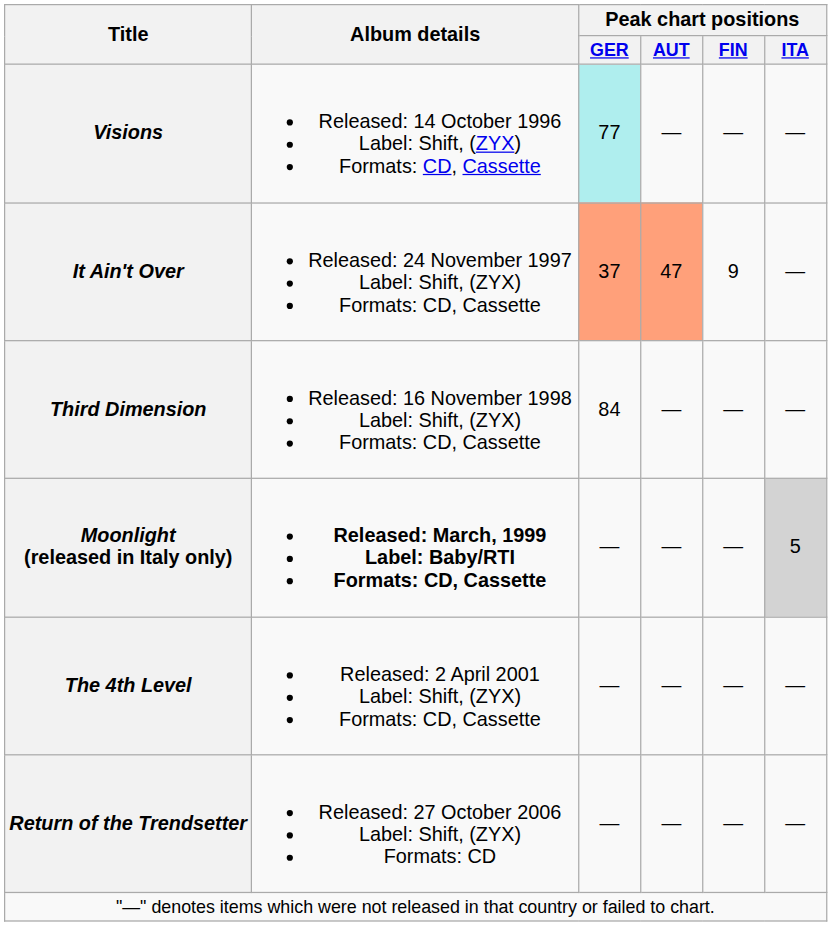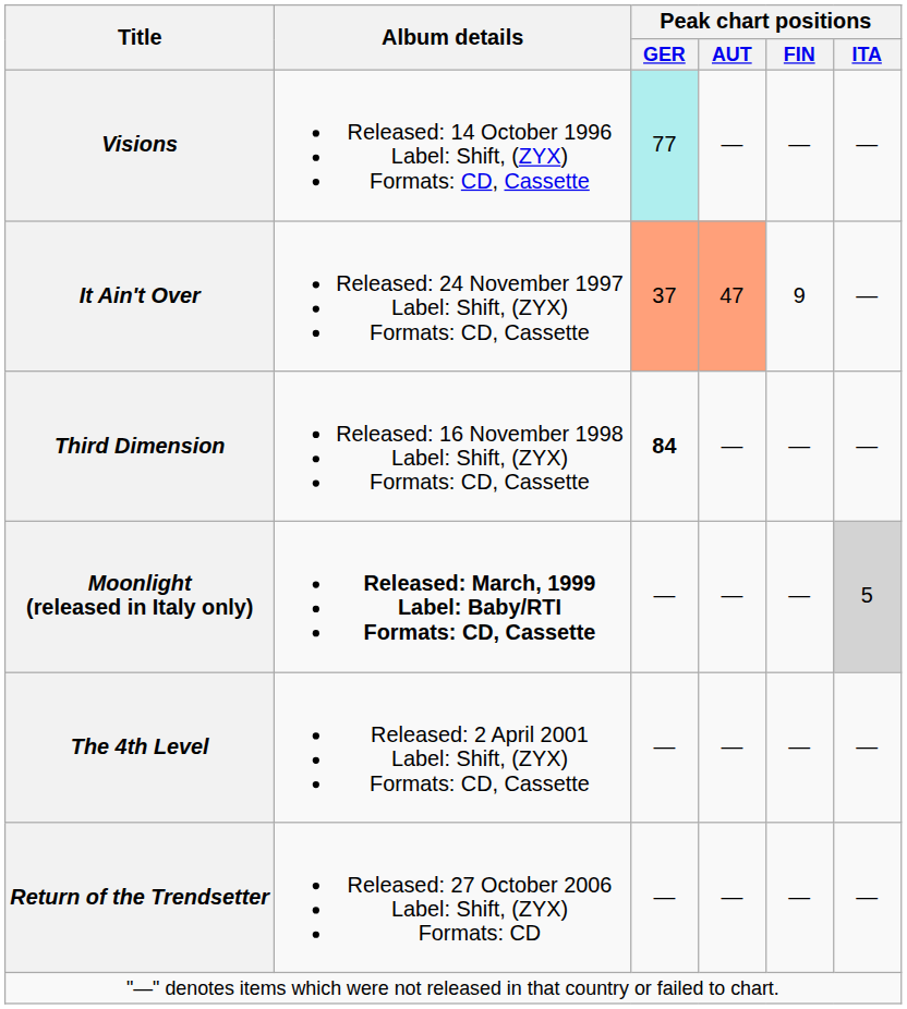 <table class="wikitable plainrowheaders" style="text-align:center;">
 <tr>
 <th scope="col" rowspan="2" style="width:12em;">Title</th>
 <th scope="col" rowspan="2" style="width:16em;">Album details</th>
 <th scope="col" colspan="10">Peak chart positions</th>
 </tr>
 <tr>
 <th scope="col" style="width:3em;font-size:90%;"><a href='#'>GER</a><br></th>
 <th scope="col" style="width:3em;font-size:90%;"><a href='#'>AUT</a><br></th>
 <th scope="col" style="width:3em;font-size:90%;"><a href='#'>FIN</a><br></th>
 <th scope="col" style="width:3em;font-size:90%;"><a href='#'>ITA</a><br></th>
 </tr>
 <tr>
 <th scope="row"><em>Visions</em></th>
 <td><br><ul><li>Released: 14 October 1996</li><li>Label: Shift, (<a href='#'>ZYX</a>)</li><li>Formats: <a href='#'>CD</a>, <a href='#'>Cassette</a></li></ul></td>
 <td style="background: paleturquoise;">77</td>
 <td>—</td>
 <td>—</td>
 <td>—</td>
 </tr>
 <tr>
 <th scope="row"><em>It Ain't Over</em></th>
 <td><br><ul><li>Released: 24 November 1997</li><li>Label: Shift, (ZYX)</li><li>Formats: CD, Cassette</li></ul></td>
 <td style="background: lightsalmon;">37</td>
 <td style="background: lightsalmon;">47</td>
 <td>9</td>
 <td>—</td>
 </tr>
 <tr>
 <th scope="row"><em>Third Dimension</em></th>
 <td><br><ul><li>Released: 16 November 1998</li><li>Label: Shift, (ZYX)</li><li>Formats: CD, Cassette</li></ul></td>
-<td>84</td>
+<td><strong>84</strong></td>
 <td>—</td>
 <td>—</td>
 <td>—</td>
 </tr>
 <tr>
 <th scope="row"><em>Moonlight</em><br><span>(released in Italy only)</span></th>
 <td><strong><br><ul><li>Released: March, 1999</li><li>Label: Baby/RTI</li><li>Formats: CD, Cassette</li></ul></strong></td>
 <td>—</td>
 <td>—</td>
 <td>—</td>
 <td style="background: lightgrey;">5</td>
 </tr>
 <tr>
 <th scope="row"><em>The 4th Level</em></th>
 <td><br><ul><li>Released: 2 April 2001</li><li>Label: Shift, (ZYX)</li><li>Formats: CD, Cassette</li></ul></td>
 <td>—</td>
 <td>—</td>
 <td>—</td>
 <td>—</td>
 </tr>
 <tr>
 <th scope="row"><em>Return of the Trendsetter</em></th>
 <td><br><ul><li>Released: 27 October 2006</li><li>Label: Shift, (ZYX)</li><li>Formats: CD</li></ul></td>
 <td>—</td>
 <td>—</td>
 <td>—</td>
 <td>—</td>
 </tr>
 <tr>
 <td colspan="15" style="font-size:90%;">"—" denotes items which were not released in that country or failed to chart.</td>
 </tr>
 </table>
